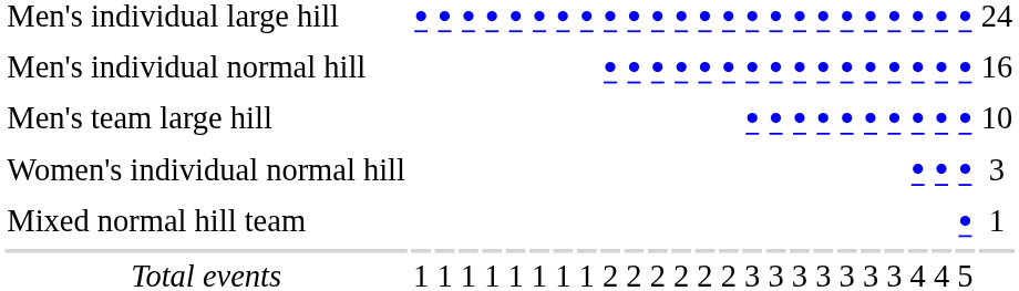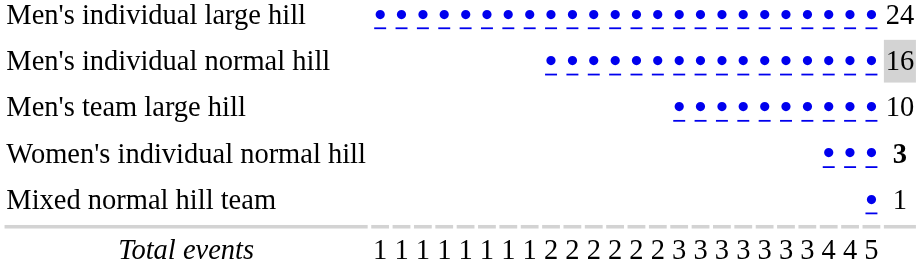 <table>
 <tr align=center>
 <td align=left>Men's individual large hill</td>
 <td><big><strong><a href='#'>•</a></strong></big></td>
 <td><big><strong><a href='#'>•</a></strong></big></td>
 <td><big><strong><a href='#'>•</a></strong></big></td>
 <td><big><strong><a href='#'>•</a></strong></big></td>
 <td><big><strong><a href='#'>•</a></strong></big></td>
 <td><big><strong><a href='#'>•</a></strong></big></td>
 <td><big><strong><a href='#'>•</a></strong></big></td>
 <td><big><strong><a href='#'>•</a></strong></big></td>
 <td><big><strong><a href='#'>•</a></strong></big></td>
 <td><big><strong><a href='#'>•</a></strong></big></td>
 <td><big><strong><a href='#'>•</a></strong></big></td>
 <td><big><strong><a href='#'>•</a></strong></big></td>
 <td><big><strong><a href='#'>•</a></strong></big></td>
 <td><big><strong><a href='#'>•</a></strong></big></td>
 <td><big><strong><a href='#'>•</a></strong></big></td>
 <td><big><strong><a href='#'>•</a></strong></big></td>
 <td><big><strong><a href='#'>•</a></strong></big></td>
 <td><big><strong><a href='#'>•</a></strong></big></td>
 <td><big><strong><a href='#'>•</a></strong></big></td>
 <td><big><strong><a href='#'>•</a></strong></big></td>
 <td><big><strong><a href='#'>•</a></strong></big></td>
 <td><big><strong><a href='#'>•</a></strong></big></td>
 <td><big><strong><a href='#'>•</a></strong></big></td>
 <td><big><strong><a href='#'>•</a></strong></big></td>
 <td>24</td>
 </tr>
 <tr align=center>
 <td align=left>Men's individual normal hill</td>
 <td></td>
 <td></td>
 <td></td>
 <td></td>
 <td></td>
 <td></td>
 <td></td>
 <td></td>
 <td><big><strong><a href='#'>•</a></strong></big></td>
 <td><big><strong><a href='#'>•</a></strong></big></td>
 <td><big><strong><a href='#'>•</a></strong></big></td>
 <td><big><strong><a href='#'>•</a></strong></big></td>
 <td><big><strong><a href='#'>•</a></strong></big></td>
 <td><big><strong><a href='#'>•</a></strong></big></td>
 <td><big><strong><a href='#'>•</a></strong></big></td>
 <td><big><strong><a href='#'>•</a></strong></big></td>
 <td><big><strong><a href='#'>•</a></strong></big></td>
 <td><big><strong><a href='#'>•</a></strong></big></td>
 <td><big><strong><a href='#'>•</a></strong></big></td>
 <td><big><strong><a href='#'>•</a></strong></big></td>
 <td><big><strong><a href='#'>•</a></strong></big></td>
 <td><big><strong><a href='#'>•</a></strong></big></td>
 <td><big><strong><a href='#'>•</a></strong></big></td>
 <td><big><strong><a href='#'>•</a></strong></big></td>
-<td>16</td>
+<td style="background: lightgrey;">16</td>
 </tr>
 <tr align=center>
 <td align=left>Men's team large hill</td>
 <td></td>
 <td></td>
 <td></td>
 <td></td>
 <td></td>
 <td></td>
 <td></td>
 <td></td>
 <td></td>
 <td></td>
 <td></td>
 <td></td>
 <td></td>
 <td></td>
 <td><big><strong><a href='#'>•</a></strong></big></td>
 <td><big><strong><a href='#'>•</a></strong></big></td>
 <td><big><strong><a href='#'>•</a></strong></big></td>
 <td><big><strong><a href='#'>•</a></strong></big></td>
 <td><big><strong><a href='#'>•</a></strong></big></td>
 <td><big><strong><a href='#'>•</a></strong></big></td>
 <td><big><strong><a href='#'>•</a></strong></big></td>
 <td><big><strong><a href='#'>•</a></strong></big></td>
 <td><big><strong><a href='#'>•</a></strong></big></td>
 <td><big><strong><a href='#'>•</a></strong></big></td>
 <td>10</td>
 </tr>
 <tr align=center>
 <td align=left>Women's individual normal hill</td>
 <td></td>
 <td></td>
 <td></td>
 <td></td>
 <td></td>
 <td></td>
 <td></td>
 <td></td>
 <td></td>
 <td></td>
 <td></td>
 <td></td>
 <td></td>
 <td></td>
 <td></td>
 <td></td>
 <td></td>
 <td></td>
 <td></td>
 <td></td>
 <td></td>
 <td><big><strong><a href='#'>•</a></strong></big></td>
 <td><big><strong><a href='#'>•</a></strong></big></td>
 <td><big><strong><a href='#'>•</a></strong></big></td>
-<td>3</td>
+<td><strong>3</strong></td>
 </tr>
 <tr align=center>
 <td align=left>Mixed normal hill team</td>
 <td></td>
 <td></td>
 <td></td>
 <td></td>
 <td></td>
 <td></td>
 <td></td>
 <td></td>
 <td></td>
 <td></td>
 <td></td>
 <td></td>
 <td></td>
 <td></td>
 <td></td>
 <td></td>
 <td></td>
 <td></td>
 <td></td>
 <td></td>
 <td></td>
 <td></td>
 <td></td>
 <td><big><strong><a href='#'>•</a></strong></big></td>
 <td>1</td>
 </tr>
 <tr bgcolor=lightgray>
 <td></td>
 <td></td>
 <td></td>
 <td></td>
 <td></td>
 <td></td>
 <td></td>
 <td></td>
 <td></td>
 <td></td>
 <td></td>
 <td></td>
 <td></td>
 <td></td>
 <td></td>
 <td></td>
 <td></td>
 <td></td>
 <td></td>
 <td></td>
 <td></td>
 <td></td>
 <td></td>
 <td></td>
 <td></td>
 <td></td>
 </tr>
 <tr align=center>
 <td><em>Total events</em></td>
 <td>1</td>
 <td>1</td>
 <td>1</td>
 <td>1</td>
 <td>1</td>
 <td>1</td>
 <td>1</td>
 <td>1</td>
 <td>2</td>
 <td>2</td>
 <td>2</td>
 <td>2</td>
 <td>2</td>
 <td>2</td>
 <td>3</td>
 <td>3</td>
 <td>3</td>
 <td>3</td>
 <td>3</td>
 <td>3</td>
 <td>3</td>
 <td>4</td>
 <td>4</td>
 <td>5</td>
 <td></td>
 </tr>
 </table>
